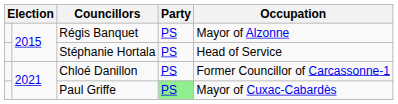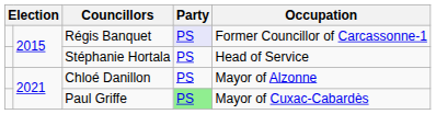 <table class="wikitable">
 <tr>
 <th colspan="2">Election</th>
 <th>Councillors</th>
 <th>Party</th>
 <th>Occupation</th>
 </tr>
 <tr>
 <td style="background-color: "></td>
 <td rowspan="2"><a href='#'>2015</a></td>
 <td>Régis Banquet</td>
-<td><a href='#'>PS</a></td>
-<td>Mayor of <a href='#'>Alzonne</a></td>
+<td style="background: lavender;"><a href='#'>PS</a></td>
+<td>Former Councillor of <a href='#'>Carcassonne-1</a></td>
 </tr>
 <tr>
 <td style="background-color: "></td>
 <td>Stéphanie Hortala</td>
 <td><a href='#'>PS</a></td>
 <td>Head of Service</td>
 </tr>
 <tr>
 <td style="background-color: "></td>
 <td rowspan="2"><a href='#'>2021</a></td>
 <td>Chloé Danillon</td>
 <td><a href='#'>PS</a></td>
-<td>Former Councillor of <a href='#'>Carcassonne-1</a></td>
+<td>Mayor of <a href='#'>Alzonne</a></td>
 </tr>
 <tr>
 <td style="background-color: "></td>
 <td>Paul Griffe</td>
 <td style="background: lightgreen;"><a href='#'>PS</a></td>
 <td>Mayor of <a href='#'>Cuxac-Cabardès</a></td>
 </tr>
 </table>
